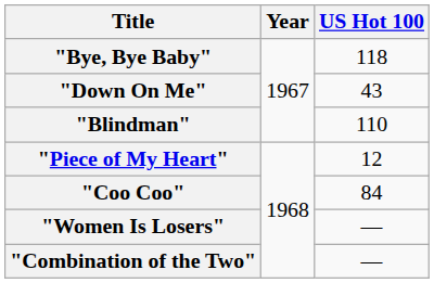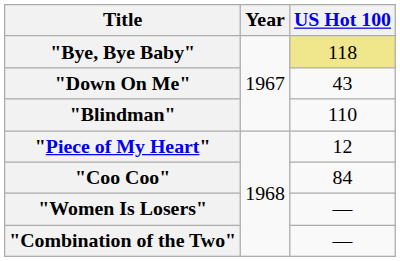 <table class="wikitable plainrowheaders">
 <tr>
 <th scope="col">Title</th>
 <th scope="col">Year</th>
 <th scope="col"><a href='#'>US Hot 100</a></th>
 </tr>
 <tr>
 <th scope="row">"Bye, Bye Baby"</th>
 <td rowspan="3">1967</td>
-<td style="text-align:center;">118</td>
+<td style="background: khaki; text-align:center;">118</td>
 </tr>
 <tr>
 <th scope="row">"Down On Me"</th>
 <td style="text-align:center;">43</td>
 </tr>
 <tr>
 <th scope="row">"Blindman"</th>
 <td style="text-align:center;">110</td>
 </tr>
 <tr>
 <th scope="row">"<a href='#'>Piece of My Heart</a>"</th>
 <td rowspan="4">1968</td>
 <td style="text-align:center;">12</td>
 </tr>
 <tr>
 <th scope="row">"Coo Coo"</th>
 <td style="text-align:center;">84</td>
 </tr>
 <tr>
 <th scope="row">"Women Is Losers"</th>
 <td style="text-align:center;">—</td>
 </tr>
 <tr>
 <th scope="row">"Combination of the Two"</th>
 <td style="text-align:center;">—</td>
 </tr>
 </table>
